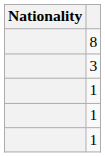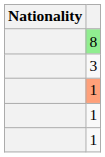 <table class="wikitable plainrowheaders">
 <tr>
 <th scope="col">Nationality</th>
 <th scope="col"></th>
 </tr>
 <tr>
 <th scope="row"></th>
-<td style="text-align:center">8</td>
+<td style="background: lightgreen; text-align:center">8</td>
 </tr>
 <tr>
 <th scope="row"></th>
 <td style="text-align:center">3</td>
 </tr>
 <tr>
 <th scope="row"></th>
-<td style="text-align:center">1</td>
+<td style="background: lightsalmon; text-align:center">1</td>
 </tr>
 <tr>
 <th scope="row"></th>
 <td style="text-align:center">1</td>
 </tr>
 <tr>
 <th scope="row"></th>
 <td style="text-align:center">1</td>
 </tr>
 </table>
